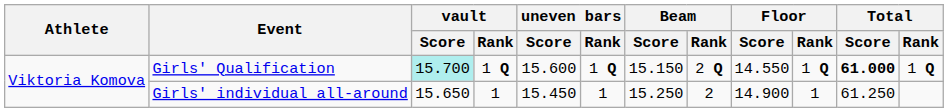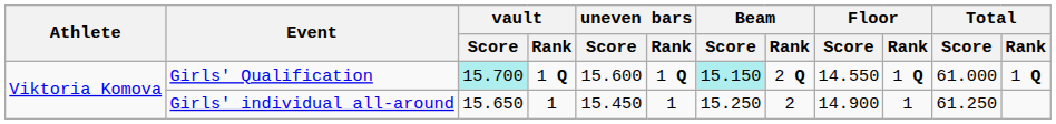 <table class="wikitable" border="1" style="font-size:90%">
 <tr>
 <th rowspan=2>Athlete</th>
 <th rowspan=2>Event</th>
 <th colspan=2>vault</th>
 <th colspan=2>uneven bars</th>
 <th colspan=2>Beam</th>
 <th colspan=2>Floor</th>
 <th colspan=2>Total</th>
 </tr>
 <tr>
 <th>Score</th>
 <th>Rank</th>
 <th>Score</th>
 <th>Rank</th>
 <th>Score</th>
 <th>Rank</th>
 <th>Score</th>
 <th>Rank</th>
 <th>Score</th>
 <th>Rank</th>
 </tr>
 <tr>
 <td rowspan=2><a href='#'>Viktoria Komova</a></td>
 <td><a href='#'>Girls' Qualification</a></td>
 <td align=center style="background: paleturquoise;">15.700</td>
 <td align=center>1 <strong>Q</strong></td>
 <td align=center>15.600</td>
 <td align=center>1 <strong>Q</strong></td>
-<td align=center>15.150</td>
+<td align=center style="background: paleturquoise;">15.150</td>
 <td align=center>2 <strong>Q</strong></td>
 <td align=center>14.550</td>
 <td align=center>1 <strong>Q</strong></td>
-<td align=center><strong>61.000</strong></td>
+<td align=center>61.000</td>
 <td align=center>1 <strong>Q</strong></td>
 </tr>
 <tr>
 <td><a href='#'>Girls' individual all-around</a></td>
 <td align=center>15.650</td>
 <td align=center>1</td>
 <td align=center>15.450</td>
 <td align=center>1</td>
 <td align=center>15.250</td>
 <td align=center>2</td>
 <td align=center>14.900</td>
 <td align=center>1</td>
 <td align=center>61.250</td>
 <td align=center></td>
 </tr>
 </table>
